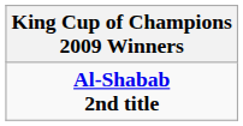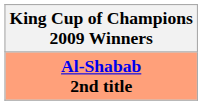 <table class="wikitable" style="text-align: center; margin: 0 auto;">
 <tr>
 <th>King Cup of Champions <br>2009 Winners</th>
 </tr>
 <tr>
-<td><strong><a href='#'>Al-Shabab</a></strong><br><strong>2nd title</strong></td>
+<td style="background: lightsalmon;"><strong><a href='#'>Al-Shabab</a></strong><br><strong>2nd title</strong></td>
 </tr>
 </table>
